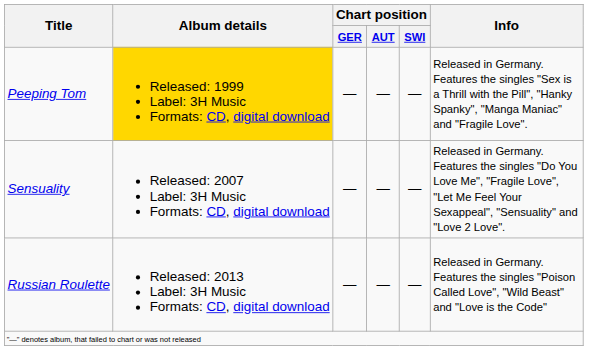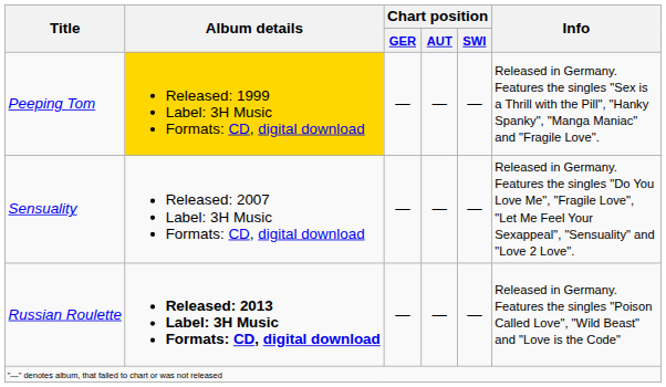 <table class="wikitable plainrowheaders" style="text-align:left;">
 <tr>
 <th rowspan="2">Title</th>
 <th rowspan="2">Album details</th>
 <th colspan="3">Chart position</th>
 <th width="175" rowspan="2">Info</th>
 </tr>
 <tr>
 <th><small><a href='#'>GER</a></small></th>
 <th><small><a href='#'>AUT</a></small></th>
 <th><small><a href='#'>SWI</a></small></th>
 </tr>
 <tr>
 <td><em><a href='#'>Peeping Tom</a></em></td>
 <td style="background: gold;"><br><ul><li>Released: 1999</li><li>Label: 3H Music</li><li>Formats: <a href='#'>CD</a>, <a href='#'>digital download</a></li></ul></td>
 <td align="center">—</td>
 <td align="center">—</td>
 <td align="center">—</td>
 <td><small>Released in Germany. Features the singles "Sex is a Thrill with the Pill", "Hanky Spanky", "Manga Maniac" and "Fragile Love".</small></td>
 </tr>
 <tr>
 <td><em><a href='#'>Sensuality</a></em></td>
 <td><br><ul><li>Released: 2007</li><li>Label: 3H Music</li><li>Formats: <a href='#'>CD</a>, <a href='#'>digital download</a></li></ul></td>
 <td align="center">—</td>
 <td align="center">—</td>
 <td align="center">—</td>
 <td><small>Released in Germany. Features the singles "Do You Love Me", "Fragile Love", "Let Me Feel Your Sexappeal", "Sensuality" and "Love 2 Love".</small></td>
 </tr>
 <tr>
 <td><em><a href='#'>Russian Roulette</a></em></td>
-<td><br><ul><li>Released: 2013</li><li>Label: 3H Music</li><li>Formats: <a href='#'>CD</a>, <a href='#'>digital download</a></li></ul></td>
+<td><strong><br><ul><li>Released: 2013</li><li>Label: 3H Music</li><li>Formats: <a href='#'>CD</a>, <a href='#'>digital download</a></li></ul></strong></td>
 <td align="center">—</td>
 <td align="center">—</td>
 <td align="center">—</td>
 <td><small>Released in Germany. Features the singles "Poison Called Love", "Wild Beast" and "Love is the Code"</small></td>
 </tr>
 <tr>
 <td colspan="30" style="font-size:8pt" style="text-align:center;"><small>"—" denotes album, that failed to chart or was not released</small></td>
 </tr>
 </table>
